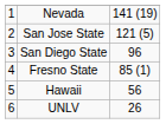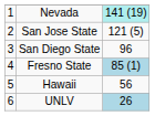 <table class="wikitable" style="display: inline-table;">
 <tr align="center">
 </tr>
 <tr align="center">
 <td>1</td>
 <td>Nevada</td>
-<td>141 (19)</td>
+<td style="background: paleturquoise;">141 (19)</td>
 </tr>
 <tr align="center">
 <td>2</td>
 <td>San Jose State</td>
 <td>121 (5)</td>
 </tr>
 <tr align="center">
 <td>3</td>
 <td>San Diego State</td>
 <td>96</td>
 </tr>
 <tr align="center">
 <td>4</td>
 <td>Fresno State</td>
-<td>85 (1)</td>
+<td style="background: lightblue;">85 (1)</td>
 </tr>
 <tr align="center">
 <td>5</td>
 <td>Hawaii</td>
 <td>56</td>
 </tr>
 <tr align="center">
 <td>6</td>
 <td>UNLV</td>
-<td>26</td>
+<td style="background: lightblue;">26</td>
 </tr>
 </table>
